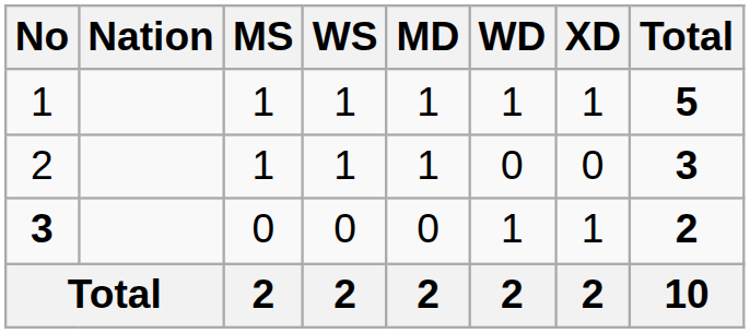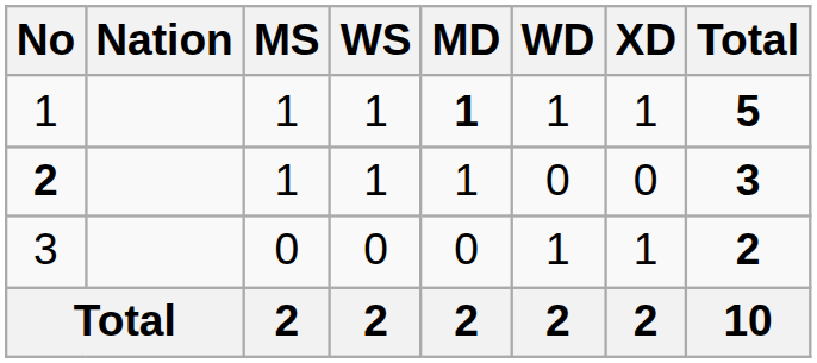 <table class="wikitable" style="text-align:center">
 <tr>
 <th>No</th>
 <th>Nation</th>
 <th>MS</th>
 <th>WS</th>
 <th>MD</th>
 <th>WD</th>
 <th>XD</th>
 <th>Total</th>
 </tr>
 <tr>
 <td>1</td>
 <td align=left></td>
 <td>1</td>
 <td>1</td>
-<td>1</td>
+<td><strong>1</strong></td>
 <td>1</td>
 <td>1</td>
 <td><strong>5</strong></td>
 </tr>
 <tr>
-<td>2</td>
+<td><strong>2</strong></td>
 <td align=left></td>
 <td>1</td>
 <td>1</td>
 <td>1</td>
 <td>0</td>
 <td>0</td>
 <td><strong>3</strong></td>
 </tr>
 <tr>
-<td><strong>3</strong></td>
+<td>3</td>
 <td align=left><strong></strong></td>
 <td>0</td>
 <td>0</td>
 <td>0</td>
 <td>1</td>
 <td>1</td>
 <td><strong>2</strong></td>
 </tr>
 <tr>
 <th colspan="2">Total</th>
 <th>2</th>
 <th>2</th>
 <th>2</th>
 <th>2</th>
 <th>2</th>
 <th>10</th>
 </tr>
 </table>
